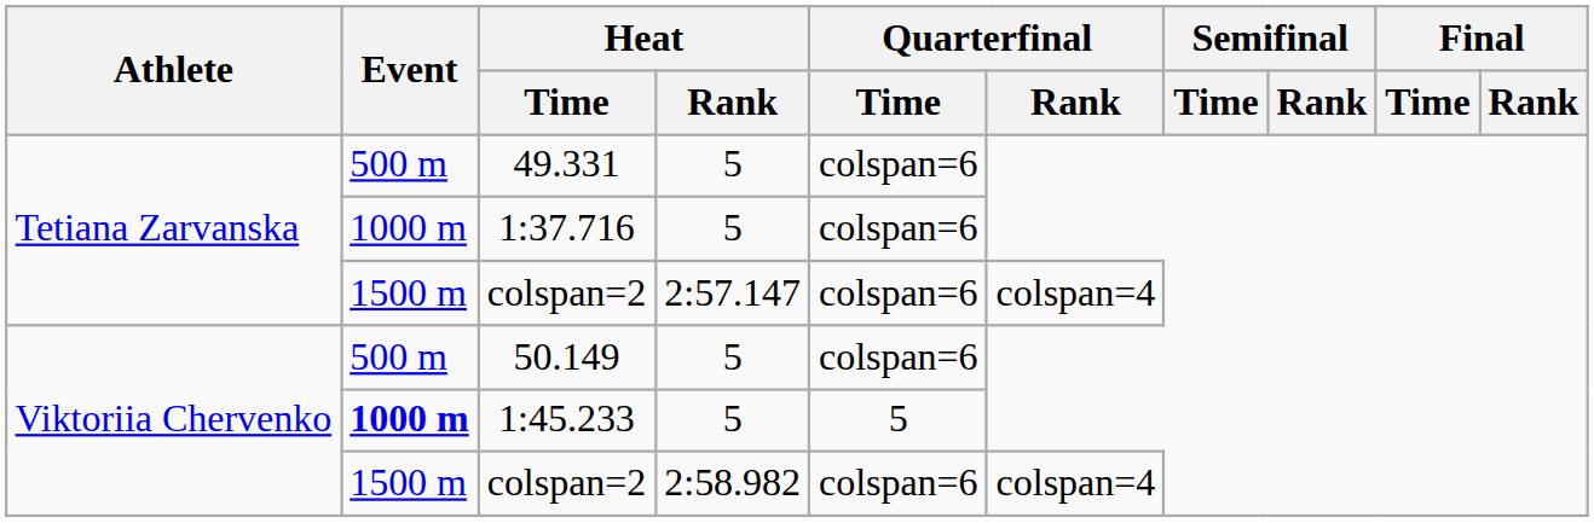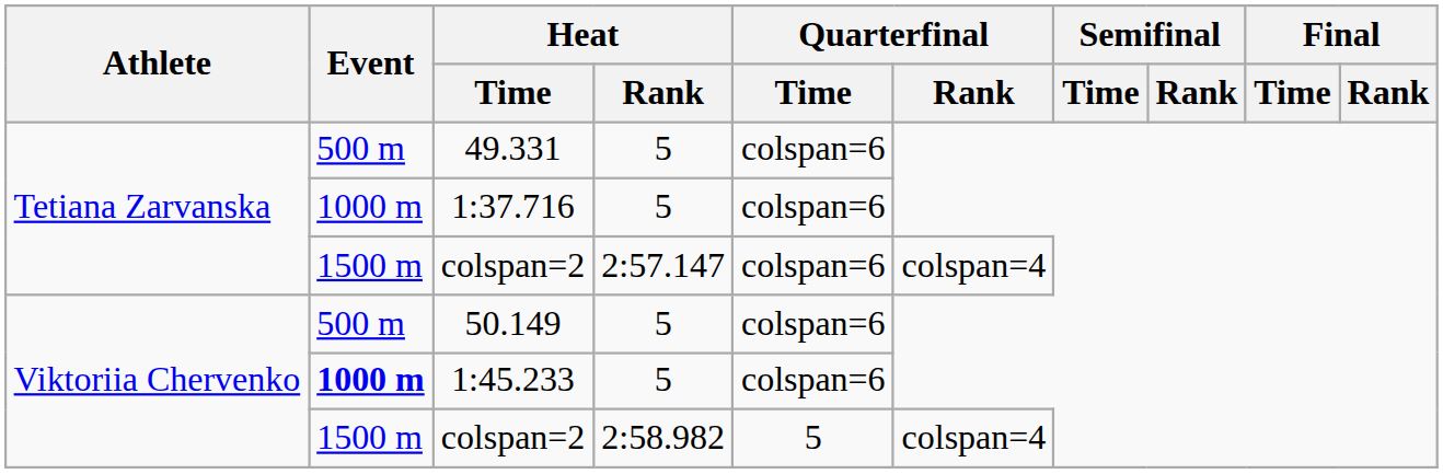 <table class=wikitable style=font-size:90%;text-align:center>
 <tr>
 <th rowspan="2">Athlete</th>
 <th rowspan="2">Event</th>
 <th colspan="2">Heat</th>
 <th colspan="2">Quarterfinal</th>
 <th colspan="2">Semifinal</th>
 <th colspan="2">Final</th>
 </tr>
 <tr>
 <th>Time</th>
 <th>Rank</th>
 <th>Time</th>
 <th>Rank</th>
 <th>Time</th>
 <th>Rank</th>
 <th>Time</th>
 <th>Rank</th>
 </tr>
 <tr>
 <td align=left rowspan=3><a href='#'>Tetiana Zarvanska</a></td>
 <td align=left><a href='#'>500 m</a></td>
 <td>49.331</td>
 <td>5</td>
 <td>colspan=6 </td>
 </tr>
 <tr>
 <td align=left><a href='#'>1000 m</a></td>
 <td>1:37.716</td>
 <td>5</td>
 <td>colspan=6 </td>
 </tr>
 <tr>
 <td align=left><a href='#'>1500 m</a></td>
 <td>colspan=2 </td>
 <td>2:57.147</td>
 <td>colspan=6 </td>
 <td>colspan=4 </td>
 </tr>
 <tr>
 <td align=left rowspan=3><a href='#'>Viktoriia Chervenko</a></td>
 <td align=left><a href='#'>500 m</a></td>
 <td>50.149</td>
 <td>5</td>
 <td>colspan=6 </td>
 </tr>
 <tr>
 <td align=left><strong><a href='#'>1000 m</a></strong></td>
 <td>1:45.233</td>
 <td>5</td>
-<td>5</td>
+<td>colspan=6 </td>
 </tr>
 <tr>
 <td align=left><a href='#'>1500 m</a></td>
 <td>colspan=2 </td>
 <td>2:58.982</td>
-<td>colspan=6 </td>
+<td>5</td>
 <td>colspan=4 </td>
 </tr>
 </table>
